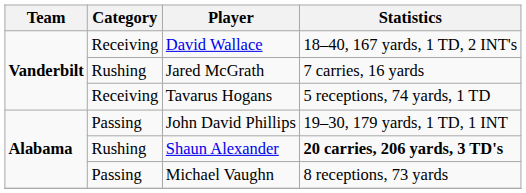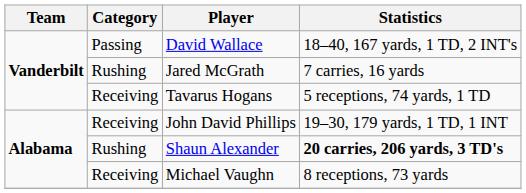 <table class="wikitable" style="float: right;">
 <tr>
 <th>Team</th>
 <th>Category</th>
 <th>Player</th>
 <th>Statistics</th>
 </tr>
 <tr>
 <td rowspan=3><strong>Vanderbilt</strong></td>
-<td>Receiving</td>
+<td>Passing</td>
 <td><a href='#'>David Wallace</a></td>
 <td>18–40, 167 yards, 1 TD, 2 INT's</td>
 </tr>
 <tr>
 <td>Rushing</td>
 <td>Jared McGrath</td>
 <td>7 carries, 16 yards</td>
 </tr>
 <tr>
 <td>Receiving</td>
 <td>Tavarus Hogans</td>
 <td>5 receptions, 74 yards, 1 TD</td>
 </tr>
 <tr>
 <td rowspan=3><strong>Alabama</strong></td>
-<td>Passing</td>
+<td>Receiving</td>
 <td>John David Phillips</td>
 <td>19–30, 179 yards, 1 TD, 1 INT</td>
 </tr>
 <tr>
 <td>Rushing</td>
 <td><a href='#'>Shaun Alexander</a></td>
 <td><strong>20 carries, 206 yards, 3 TD's</strong></td>
 </tr>
 <tr>
-<td>Passing</td>
+<td>Receiving</td>
 <td>Michael Vaughn</td>
 <td>8 receptions, 73 yards</td>
 </tr>
 <tr>
 </tr>
 </table>
